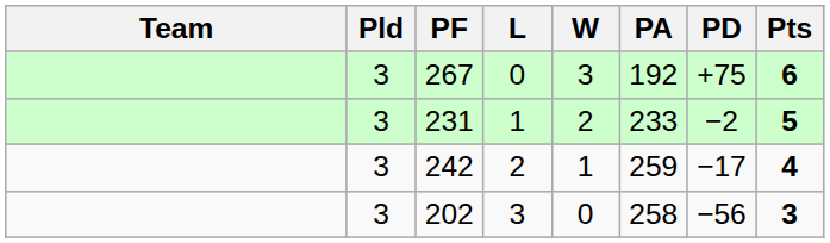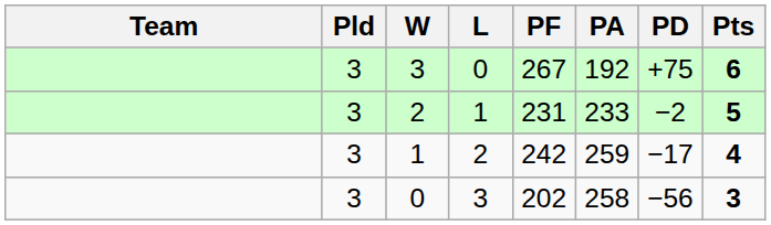 <table class=wikitable style="text-align:center">
 <tr>
 <th width=180>Team</th>
 <th width=30>Pld</th>
+<th width=30>W</th>
+<th width=30>L</th>
 <th width=30>PF</th>
-<th width=30>L</th>
-<th width=30>W</th>
 <th width=30>PA</th>
 <th width=30>PD</th>
 <th width=30>Pts</th>
 </tr>
 <tr bgcolor="#ccffcc">
 <td align="left"></td>
 <td>3</td>
+<td>3</td>
+<td>0</td>
 <td>267</td>
-<td>0</td>
-<td>3</td>
 <td>192</td>
 <td>+75</td>
 <td><strong>6</strong></td>
 </tr>
 <tr bgcolor="#ccffcc">
 <td align="left"></td>
 <td>3</td>
+<td>2</td>
+<td>1</td>
 <td>231</td>
-<td>1</td>
-<td>2</td>
 <td>233</td>
 <td>−2</td>
 <td><strong>5</strong></td>
 </tr>
 <tr>
 <td align="left"></td>
 <td>3</td>
+<td>1</td>
+<td>2</td>
 <td>242</td>
-<td>2</td>
-<td>1</td>
 <td>259</td>
 <td>−17</td>
 <td><strong>4</strong></td>
 </tr>
 <tr>
 <td align="left"></td>
 <td>3</td>
+<td>0</td>
+<td>3</td>
 <td>202</td>
-<td>3</td>
-<td>0</td>
 <td>258</td>
 <td>−56</td>
 <td><strong>3</strong></td>
 </tr>
 </table>
